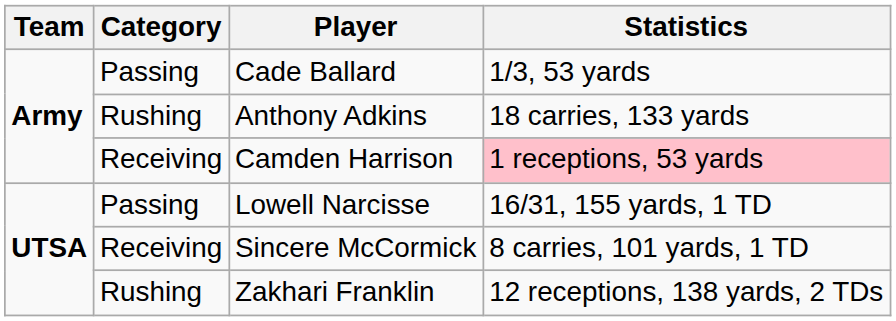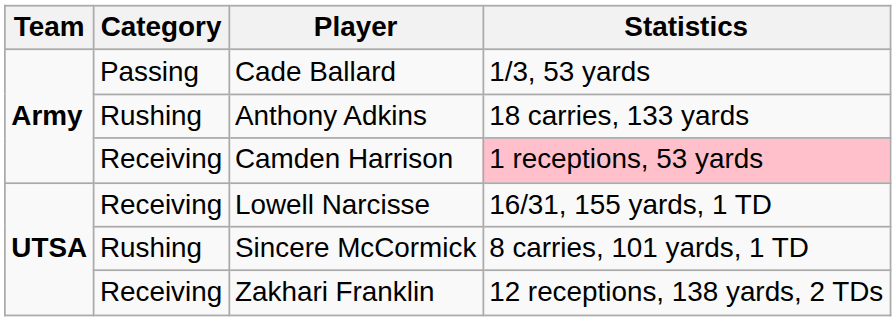 <table class="wikitable" style="float: left;">
 <tr>
 <th>Team</th>
 <th>Category</th>
 <th>Player</th>
 <th>Statistics</th>
 </tr>
 <tr>
 <td rowspan=3><strong>Army</strong></td>
 <td>Passing</td>
 <td>Cade Ballard</td>
 <td>1/3, 53 yards</td>
 </tr>
 <tr>
 <td>Rushing</td>
 <td>Anthony Adkins</td>
 <td>18 carries, 133 yards</td>
 </tr>
 <tr>
 <td>Receiving</td>
 <td>Camden Harrison</td>
 <td style="background: pink;">1 receptions, 53 yards</td>
 </tr>
 <tr>
 <td rowspan=3><strong>UTSA</strong></td>
-<td>Passing</td>
+<td>Receiving</td>
 <td>Lowell Narcisse</td>
 <td>16/31, 155 yards, 1 TD</td>
 </tr>
 <tr>
-<td>Receiving</td>
+<td>Rushing</td>
 <td>Sincere McCormick</td>
 <td>8 carries, 101 yards, 1 TD</td>
 </tr>
 <tr>
-<td>Rushing</td>
+<td>Receiving</td>
 <td>Zakhari Franklin</td>
 <td>12 receptions, 138 yards, 2 TDs</td>
 </tr>
 </table>
